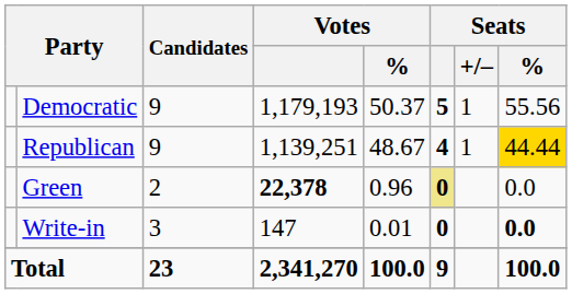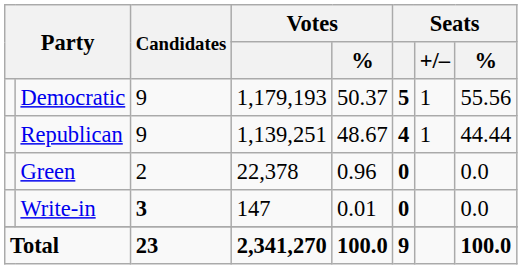 <table class="wikitable" style="font-size: 95%;">
 <tr>
 <th colspan="2" rowspan="2">Party</th>
 <th rowspan="2"><small>Candi</small><small>dates</small></th>
 <th colspan="2">Votes</th>
 <th colspan="3">Seats</th>
 </tr>
 <tr>
 <th></th>
 <th>%</th>
 <th></th>
 <th>+/–</th>
 <th>%</th>
 </tr>
 <tr>
 <td style="background:"></td>
 <td align="left"><a href='#'>Democratic</a></td>
 <td>9</td>
 <td>1,179,193</td>
 <td>50.37</td>
 <td><strong>5</strong></td>
 <td>1</td>
 <td>55.56</td>
 </tr>
 <tr>
 <td style="background:"></td>
 <td align="left"><a href='#'>Republican</a></td>
 <td>9</td>
 <td>1,139,251</td>
 <td>48.67</td>
 <td><strong>4</strong></td>
 <td>1</td>
-<td style="background: gold;">44.44</td>
+<td>44.44</td>
 </tr>
 <tr>
 <td style="background:"></td>
 <td align="left"><a href='#'>Green</a></td>
 <td>2</td>
-<td><strong>22,378</strong></td>
+<td>22,378</td>
 <td>0.96</td>
-<td style="background: khaki;"><strong>0</strong></td>
+<td><strong>0</strong></td>
 <td></td>
 <td>0.0</td>
 </tr>
 <tr>
 <td style="background:"></td>
 <td align="left"><a href='#'>Write-in</a></td>
-<td>3</td>
+<td><strong>3</strong></td>
 <td>147</td>
 <td>0.01</td>
 <td><strong>0</strong></td>
 <td></td>
-<td><strong>0.0</strong></td>
+<td>0.0</td>
 </tr>
 <tr>
 </tr>
 <tr style="font-weight:bold">
 <td colspan="2" align="left">Total</td>
 <td>23</td>
 <td>2,341,270</td>
 <td>100.0</td>
 <td>9</td>
 <td></td>
 <td>100.0</td>
 </tr>
 </table>
